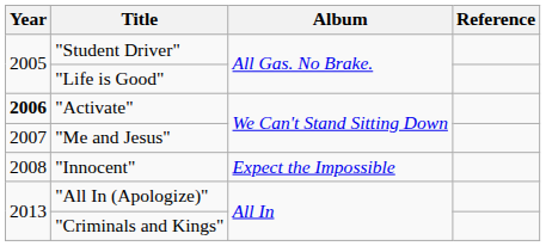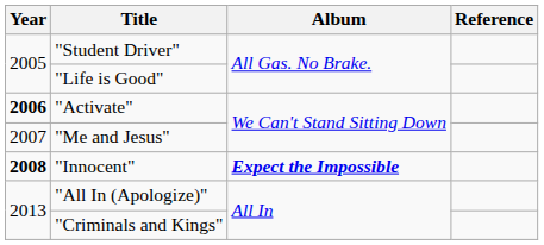 <table class="wikitable">
 <tr>
 <th>Year</th>
 <th>Title</th>
 <th>Album</th>
 <th>Reference</th>
 </tr>
 <tr>
 <td rowspan=2>2005</td>
 <td>"Student Driver"</td>
 <td rowspan=2><em><a href='#'>All Gas. No Brake.</a></em></td>
 <td></td>
 </tr>
 <tr>
 <td>"Life is Good"</td>
 <td></td>
 </tr>
 <tr>
 <td><strong>2006</strong></td>
 <td>"Activate"</td>
 <td rowspan=2><em><a href='#'>We Can't Stand Sitting Down</a></em></td>
 <td></td>
 </tr>
 <tr>
 <td>2007</td>
 <td>"Me and Jesus"</td>
 <td></td>
 </tr>
 <tr>
-<td>2008</td>
+<td><strong>2008</strong></td>
 <td>"Innocent"</td>
-<td><em><a href='#'>Expect the Impossible</a></em></td>
+<td><strong><em><a href='#'>Expect the Impossible</a></em></strong></td>
 <td></td>
 </tr>
 <tr>
 <td rowspan=2>2013</td>
 <td>"All In (Apologize)"</td>
 <td rowspan=2><em><a href='#'>All In</a></em></td>
 <td></td>
 </tr>
 <tr>
 <td>"Criminals and Kings"</td>
 <td></td>
 </tr>
 </table>
